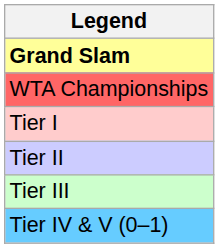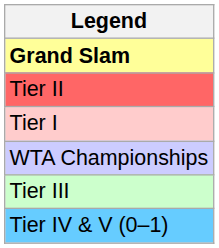 <table class="wikitable sortable mw-collapsible mw-collapsed">
 <tr>
 <th>Legend</th>
 </tr>
 <tr bgcolor="#FFFF99">
 <td><strong>Grand Slam</strong></td>
 </tr>
 <tr bgcolor="#FF6666">
-<td>WTA Championships</td>
+<td>Tier II</td>
 </tr>
 <tr bgcolor="#ffcccc">
 <td>Tier I</td>
 </tr>
 <tr bgcolor="#ccccff">
-<td>Tier II</td>
+<td>WTA Championships</td>
 </tr>
 <tr bgcolor="#CCFFCC">
 <td>Tier III</td>
 </tr>
 <tr bgcolor="#66CCFF">
 <td>Tier IV & V (0–1)</td>
 </tr>
 </table>
